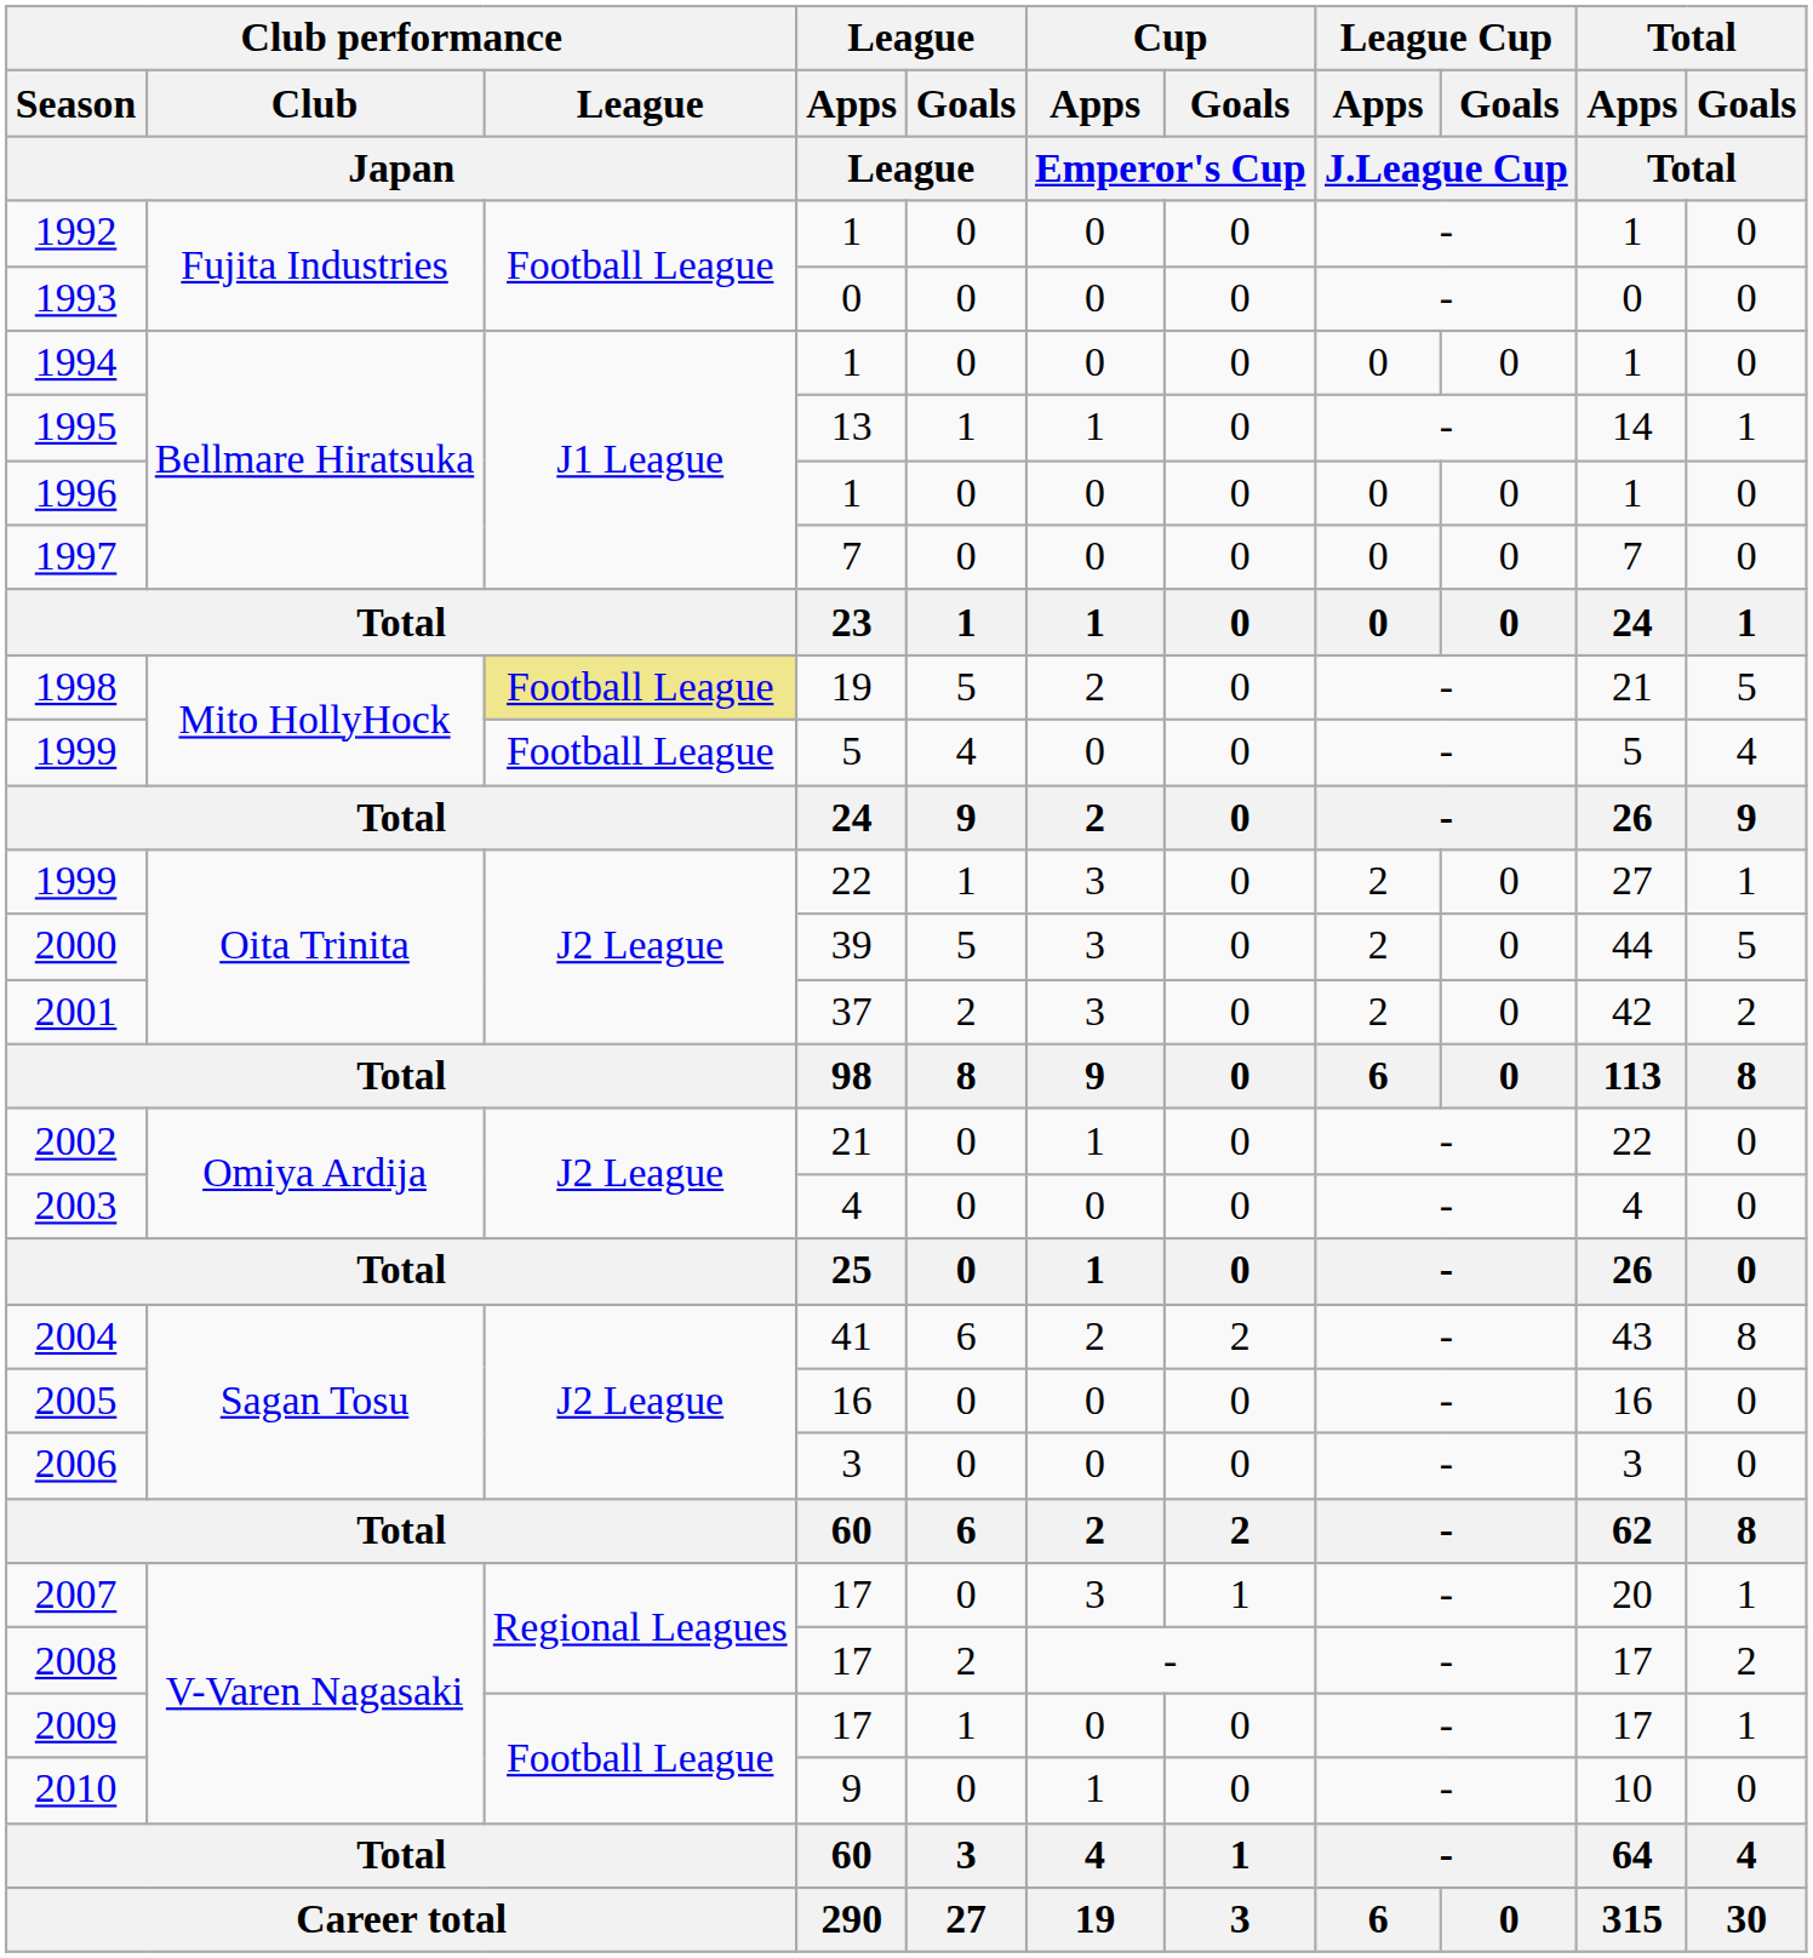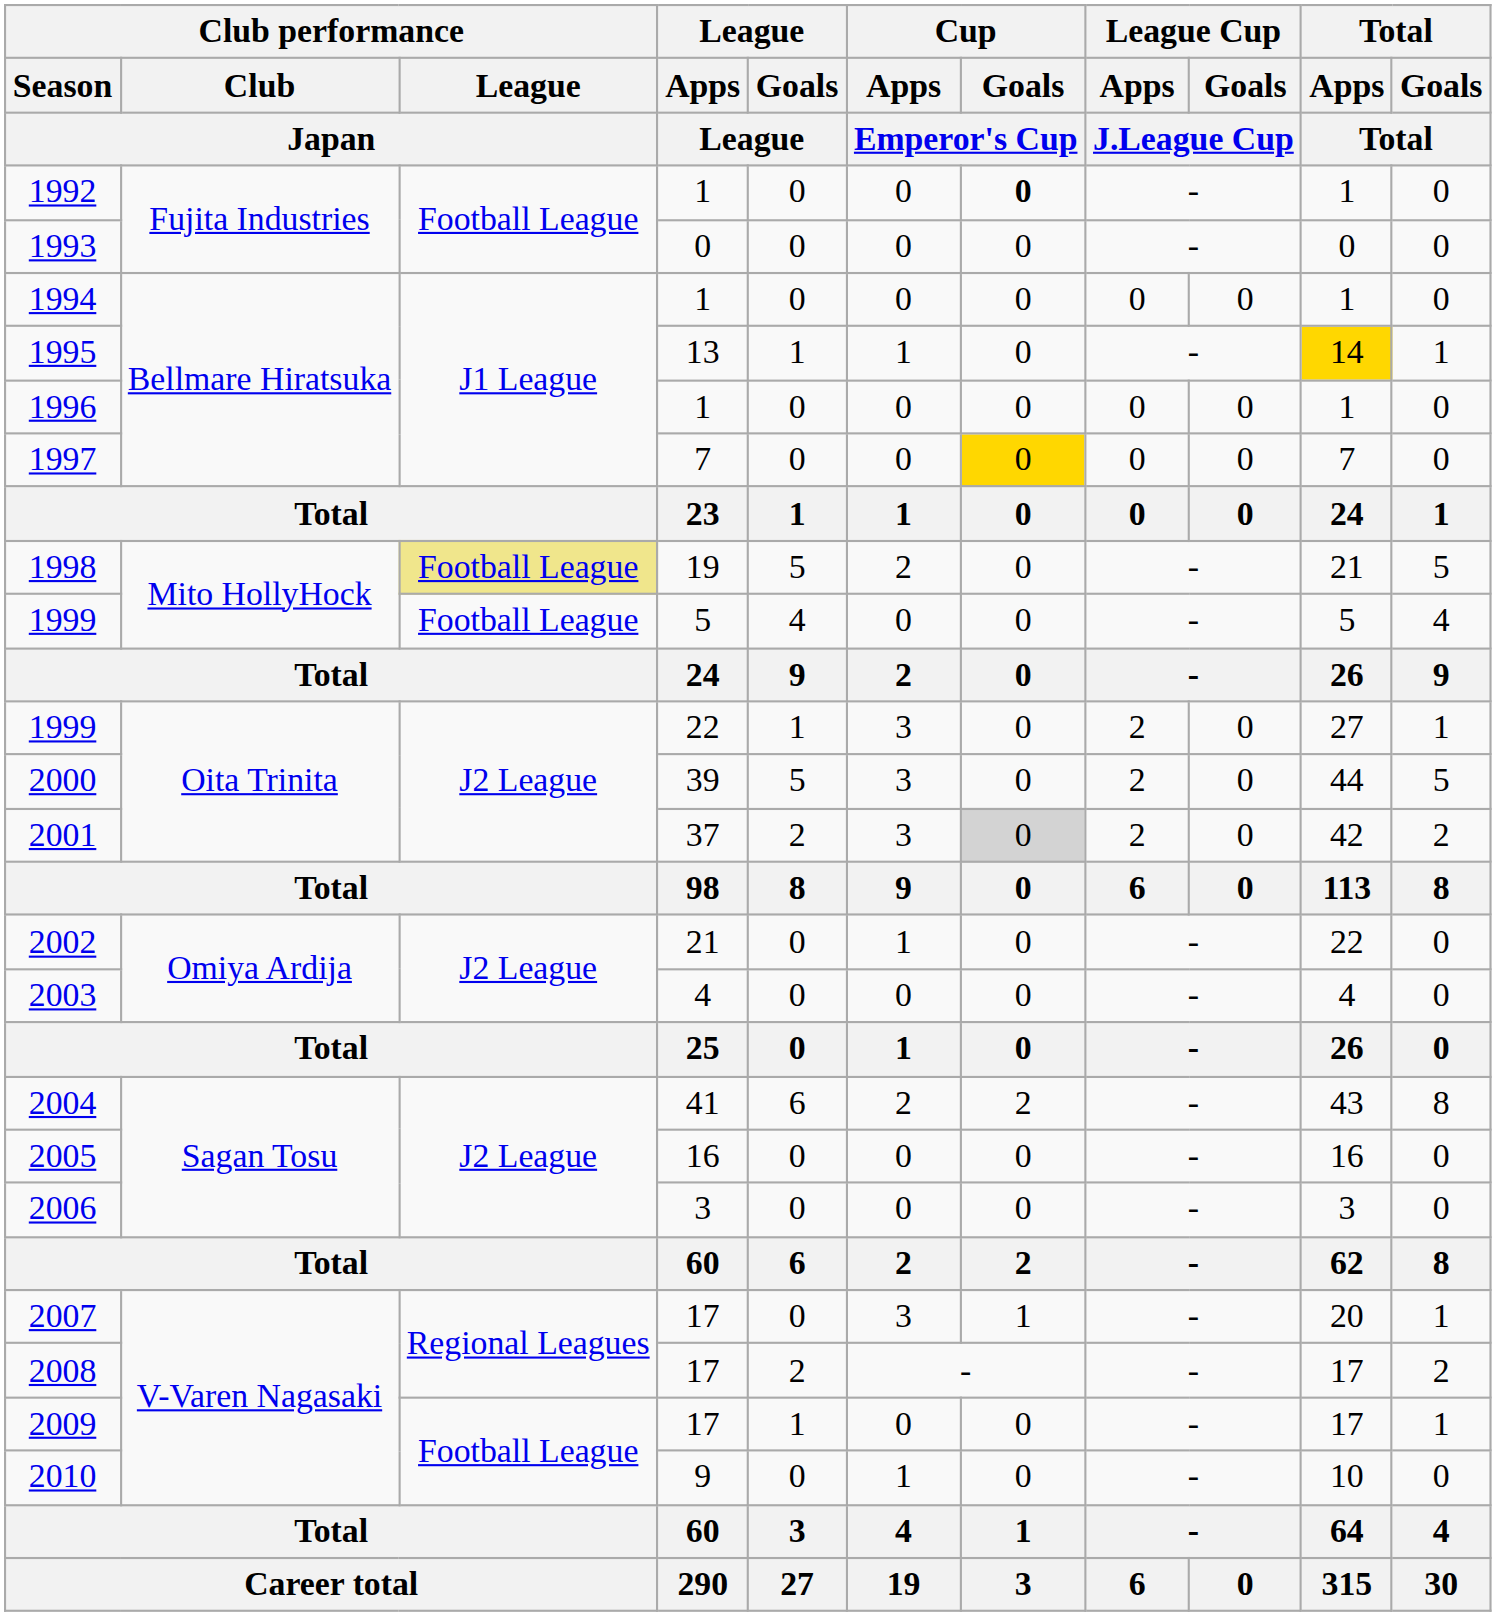 <table class="wikitable" style="text-align:center">
 <tr>
 <th colspan=3>Club performance</th>
 <th colspan=2>League</th>
 <th colspan=2>Cup</th>
 <th colspan=2>League Cup</th>
 <th colspan=2>Total</th>
 </tr>
 <tr>
 <th>Season</th>
 <th>Club</th>
 <th>League</th>
 <th>Apps</th>
 <th>Goals</th>
 <th>Apps</th>
 <th>Goals</th>
 <th>Apps</th>
 <th>Goals</th>
 <th>Apps</th>
 <th>Goals</th>
 </tr>
 <tr>
 <th colspan=3>Japan</th>
 <th colspan=2>League</th>
 <th colspan=2><a href='#'>Emperor's Cup</a></th>
 <th colspan=2><a href='#'>J.League Cup</a></th>
 <th colspan=2>Total</th>
 </tr>
 <tr>
 <td><a href='#'>1992</a></td>
 <td rowspan="2"><a href='#'>Fujita Industries</a></td>
 <td rowspan="2"><a href='#'>Football League</a></td>
 <td>1</td>
 <td>0</td>
 <td>0</td>
-<td>0</td>
+<td><strong>0</strong></td>
 <td colspan="2">-</td>
 <td>1</td>
 <td>0</td>
 </tr>
 <tr>
 <td><a href='#'>1993</a></td>
 <td>0</td>
 <td>0</td>
 <td>0</td>
 <td>0</td>
 <td colspan="2">-</td>
 <td>0</td>
 <td>0</td>
 </tr>
 <tr>
 <td><a href='#'>1994</a></td>
 <td rowspan="4"><a href='#'>Bellmare Hiratsuka</a></td>
 <td rowspan="4"><a href='#'>J1 League</a></td>
 <td>1</td>
 <td>0</td>
 <td>0</td>
 <td>0</td>
 <td>0</td>
 <td>0</td>
 <td>1</td>
 <td>0</td>
 </tr>
 <tr>
 <td><a href='#'>1995</a></td>
 <td>13</td>
 <td>1</td>
 <td>1</td>
 <td>0</td>
 <td colspan="2">-</td>
-<td>14</td>
+<td style="background: gold;">14</td>
 <td>1</td>
 </tr>
 <tr>
 <td><a href='#'>1996</a></td>
 <td>1</td>
 <td>0</td>
 <td>0</td>
 <td>0</td>
 <td>0</td>
 <td>0</td>
 <td>1</td>
 <td>0</td>
 </tr>
 <tr>
 <td><a href='#'>1997</a></td>
 <td>7</td>
 <td>0</td>
 <td>0</td>
-<td>0</td>
+<td style="background: gold;">0</td>
 <td>0</td>
 <td>0</td>
 <td>7</td>
 <td>0</td>
 </tr>
 <tr>
 <th colspan="3">Total</th>
 <th>23</th>
 <th>1</th>
 <th>1</th>
 <th>0</th>
 <th>0</th>
 <th>0</th>
 <th>24</th>
 <th>1</th>
 </tr>
 <tr>
 <td><a href='#'>1998</a></td>
 <td rowspan="2"><a href='#'>Mito HollyHock</a></td>
 <td style="background: khaki;"><a href='#'>Football League</a></td>
 <td>19</td>
 <td>5</td>
 <td>2</td>
 <td>0</td>
 <td colspan="2">-</td>
 <td>21</td>
 <td>5</td>
 </tr>
 <tr>
 <td><a href='#'>1999</a></td>
 <td><a href='#'>Football League</a></td>
 <td>5</td>
 <td>4</td>
 <td>0</td>
 <td>0</td>
 <td colspan="2">-</td>
 <td>5</td>
 <td>4</td>
 </tr>
 <tr>
 <th colspan="3">Total</th>
 <th>24</th>
 <th>9</th>
 <th>2</th>
 <th>0</th>
 <th colspan="2">-</th>
 <th>26</th>
 <th>9</th>
 </tr>
 <tr>
 <td><a href='#'>1999</a></td>
 <td rowspan="3"><a href='#'>Oita Trinita</a></td>
 <td rowspan="3"><a href='#'>J2 League</a></td>
 <td>22</td>
 <td>1</td>
 <td>3</td>
 <td>0</td>
 <td>2</td>
 <td>0</td>
 <td>27</td>
 <td>1</td>
 </tr>
 <tr>
 <td><a href='#'>2000</a></td>
 <td>39</td>
 <td>5</td>
 <td>3</td>
 <td>0</td>
 <td>2</td>
 <td>0</td>
 <td>44</td>
 <td>5</td>
 </tr>
 <tr>
 <td><a href='#'>2001</a></td>
 <td>37</td>
 <td>2</td>
 <td>3</td>
-<td>0</td>
+<td style="background: lightgrey;">0</td>
 <td>2</td>
 <td>0</td>
 <td>42</td>
 <td>2</td>
 </tr>
 <tr>
 <th colspan="3">Total</th>
 <th>98</th>
 <th>8</th>
 <th>9</th>
 <th>0</th>
 <th>6</th>
 <th>0</th>
 <th>113</th>
 <th>8</th>
 </tr>
 <tr>
 <td><a href='#'>2002</a></td>
 <td rowspan="2"><a href='#'>Omiya Ardija</a></td>
 <td rowspan="2"><a href='#'>J2 League</a></td>
 <td>21</td>
 <td>0</td>
 <td>1</td>
 <td>0</td>
 <td colspan="2">-</td>
 <td>22</td>
 <td>0</td>
 </tr>
 <tr>
 <td><a href='#'>2003</a></td>
 <td>4</td>
 <td>0</td>
 <td>0</td>
 <td>0</td>
 <td colspan="2">-</td>
 <td>4</td>
 <td>0</td>
 </tr>
 <tr>
 <th colspan="3">Total</th>
 <th>25</th>
 <th>0</th>
 <th>1</th>
 <th>0</th>
 <th colspan="2">-</th>
 <th>26</th>
 <th>0</th>
 </tr>
 <tr>
 <td><a href='#'>2004</a></td>
 <td rowspan="3"><a href='#'>Sagan Tosu</a></td>
 <td rowspan="3"><a href='#'>J2 League</a></td>
 <td>41</td>
 <td>6</td>
 <td>2</td>
 <td>2</td>
 <td colspan="2">-</td>
 <td>43</td>
 <td>8</td>
 </tr>
 <tr>
 <td><a href='#'>2005</a></td>
 <td>16</td>
 <td>0</td>
 <td>0</td>
 <td>0</td>
 <td colspan="2">-</td>
 <td>16</td>
 <td>0</td>
 </tr>
 <tr>
 <td><a href='#'>2006</a></td>
 <td>3</td>
 <td>0</td>
 <td>0</td>
 <td>0</td>
 <td colspan="2">-</td>
 <td>3</td>
 <td>0</td>
 </tr>
 <tr>
 <th colspan="3">Total</th>
 <th>60</th>
 <th>6</th>
 <th>2</th>
 <th>2</th>
 <th colspan="2">-</th>
 <th>62</th>
 <th>8</th>
 </tr>
 <tr>
 <td><a href='#'>2007</a></td>
 <td rowspan="4"><a href='#'>V-Varen Nagasaki</a></td>
 <td rowspan="2"><a href='#'>Regional Leagues</a></td>
 <td>17</td>
 <td>0</td>
 <td>3</td>
 <td>1</td>
 <td colspan="2">-</td>
 <td>20</td>
 <td>1</td>
 </tr>
 <tr>
 <td><a href='#'>2008</a></td>
 <td>17</td>
 <td>2</td>
 <td colspan="2">-</td>
 <td colspan="2">-</td>
 <td>17</td>
 <td>2</td>
 </tr>
 <tr>
 <td><a href='#'>2009</a></td>
 <td rowspan="2"><a href='#'>Football League</a></td>
 <td>17</td>
 <td>1</td>
 <td>0</td>
 <td>0</td>
 <td colspan="2">-</td>
 <td>17</td>
 <td>1</td>
 </tr>
 <tr>
 <td><a href='#'>2010</a></td>
 <td>9</td>
 <td>0</td>
 <td>1</td>
 <td>0</td>
 <td colspan="2">-</td>
 <td>10</td>
 <td>0</td>
 </tr>
 <tr>
 <th colspan="3">Total</th>
 <th>60</th>
 <th>3</th>
 <th>4</th>
 <th>1</th>
 <th colspan="2">-</th>
 <th>64</th>
 <th>4</th>
 </tr>
 <tr>
 <th colspan=3>Career total</th>
 <th>290</th>
 <th>27</th>
 <th>19</th>
 <th>3</th>
 <th>6</th>
 <th>0</th>
 <th>315</th>
 <th>30</th>
 </tr>
 </table>
